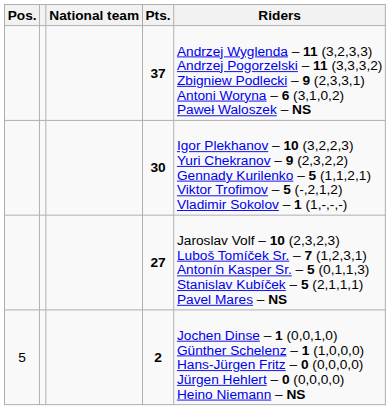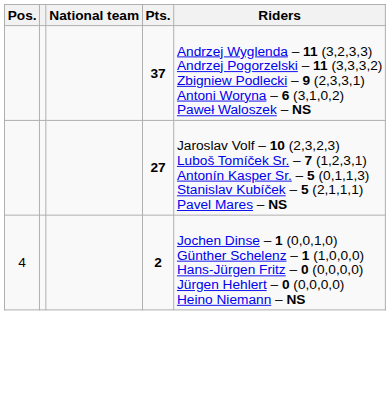 <table class=wikitable style="font-size:93%;">
 <tr>
 <th>Pos.</th>
 <th></th>
 <th>National team</th>
 <th>Pts.</th>
 <th>Riders</th>
 </tr>
 <tr align=center >
 <td></td>
 <td></td>
 <td align=left></td>
 <td><strong>37</strong></td>
 <td align=left><br><a href='#'>Andrzej Wyglenda</a> – <strong>11</strong> (3,2,3,3)<br> <a href='#'>Andrzej Pogorzelski</a> – <strong>11</strong> (3,3,3,2)<br> <a href='#'>Zbigniew Podlecki</a> – <strong>9</strong> (2,3,3,1)<br> <a href='#'>Antoni Woryna</a> – <strong>6</strong> (3,1,0,2)<br> <a href='#'>Paweł Waloszek</a> – <strong>NS</strong></td>
 </tr>
 <tr align=center >
 <td></td>
 <td></td>
 <td align=left></td>
-<td><strong>30</strong></td>
-<td align=left><br><a href='#'>Igor Plekhanov</a> – <strong>10</strong> (3,2,2,3)<br> <a href='#'>Yuri Chekranov</a> – <strong>9</strong> (2,3,2,2)<br> <a href='#'>Gennady Kurilenko</a> – <strong>5</strong> (1,1,2,1)<br> <a href='#'>Viktor Trofimov</a> – <strong>5</strong> (-,2,1,2)<br> <a href='#'>Vladimir Sokolov</a> – <strong>1</strong> (1,-,-,-)<br></td>
-</tr>
-<tr align=center >
-<td></td>
-<td></td>
-<td align=left></td>
 <td><strong>27</strong></td>
 <td align=left><br>Jaroslav Volf – <strong>10</strong> (2,3,2,3)<br> <a href='#'>Luboš Tomíček Sr.</a> – <strong>7</strong> (1,2,3,1)<br> <a href='#'>Antonín Kasper Sr.</a> – <strong>5</strong> (0,1,1,3)<br> <a href='#'>Stanislav Kubíček</a> – <strong>5</strong> (2,1,1,1)<br> <a href='#'>Pavel Mares</a> – <strong>NS</strong></td>
 </tr>
 <tr align=center>
-<td>5</td>
+<td>4</td>
 <td></td>
 <td align=left></td>
 <td><strong>2</strong></td>
 <td align=left><br><a href='#'>Jochen Dinse</a> – <strong>1</strong> (0,0,1,0)<br> <a href='#'>Günther Schelenz</a> – <strong>1</strong> (1,0,0,0)<br> <a href='#'>Hans-Jürgen Fritz</a> – <strong>0</strong> (0,0,0,0)<br> <a href='#'>Jürgen Hehlert</a> – <strong>0</strong> (0,0,0,0)<br> <a href='#'>Heino Niemann</a> – <strong>NS</strong></td>
 </tr>
 </table>
